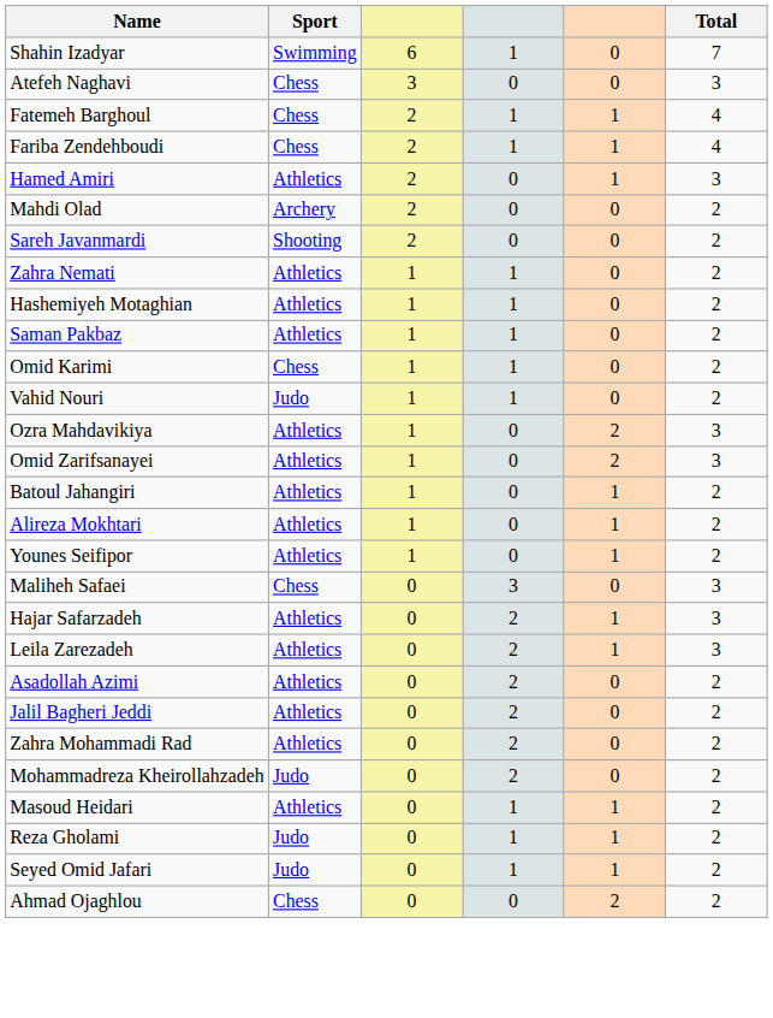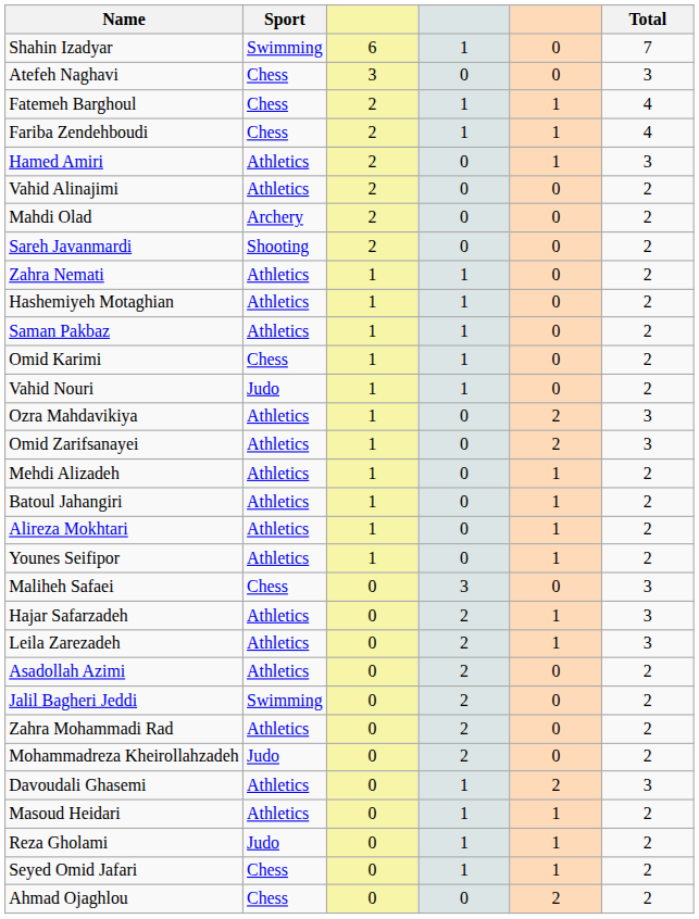 <table class="wikitable" style="text-align:center; font-size:90%">
 <tr>
 <th>Name</th>
 <th>Sport</th>
 <th style="background:#f7f6a8;" width=70></th>
 <th style="background:#dce5e5;" width=70></th>
 <th style="background:#ffdab9;" width=70></th>
 <th width=70>Total</th>
 </tr>
 <tr>
 <td style="text-align:left">Shahin Izadyar</td>
 <td style="text-align:left"><a href='#'>Swimming</a></td>
 <td style="background:#F7F6A8;">6</td>
 <td style="background:#DCE5E5;">1</td>
 <td style="background:#FFDAB9;">0</td>
 <td>7</td>
 </tr>
 <tr>
 <td style="text-align:left">Atefeh Naghavi</td>
 <td style="text-align:left"><a href='#'>Chess</a></td>
 <td style="background:#F7F6A8;">3</td>
 <td style="background:#DCE5E5;">0</td>
 <td style="background:#FFDAB9;">0</td>
 <td>3</td>
 </tr>
 <tr>
 <td style="text-align:left">Fatemeh Barghoul</td>
 <td style="text-align:left"><a href='#'>Chess</a></td>
 <td style="background:#F7F6A8;">2</td>
 <td style="background:#DCE5E5;">1</td>
 <td style="background:#FFDAB9;">1</td>
 <td>4</td>
 </tr>
 <tr>
 <td style="text-align:left">Fariba Zendehboudi</td>
 <td style="text-align:left"><a href='#'>Chess</a></td>
 <td style="background:#F7F6A8;">2</td>
 <td style="background:#DCE5E5;">1</td>
 <td style="background:#FFDAB9;">1</td>
 <td>4</td>
 </tr>
 <tr>
 <td style="text-align:left"><a href='#'>Hamed Amiri</a></td>
 <td style="text-align:left"><a href='#'>Athletics</a></td>
 <td style="background:#F7F6A8;">2</td>
 <td style="background:#DCE5E5;">0</td>
 <td style="background:#FFDAB9;">1</td>
 <td>3</td>
+</tr>
+<tr>
+<td style="text-align:left">Vahid Alinajimi</td>
+<td style="text-align:left"><a href='#'>Athletics</a></td>
+<td style="background:#F7F6A8;">2</td>
+<td style="background:#DCE5E5;">0</td>
+<td style="background:#FFDAB9;">0</td>
+<td>2</td>
 </tr>
 <tr>
 <td style="text-align:left">Mahdi Olad</td>
 <td style="text-align:left"><a href='#'>Archery</a></td>
 <td style="background:#F7F6A8;">2</td>
 <td style="background:#DCE5E5;">0</td>
 <td style="background:#FFDAB9;">0</td>
 <td>2</td>
 </tr>
 <tr>
 <td style="text-align:left"><a href='#'>Sareh Javanmardi</a></td>
 <td style="text-align:left"><a href='#'>Shooting</a></td>
 <td style="background:#F7F6A8;">2</td>
 <td style="background:#DCE5E5;">0</td>
 <td style="background:#FFDAB9;">0</td>
 <td>2</td>
 </tr>
 <tr>
 <td style="text-align:left"><a href='#'>Zahra Nemati</a></td>
 <td style="text-align:left"><a href='#'>Athletics</a></td>
 <td style="background:#F7F6A8;">1</td>
 <td style="background:#DCE5E5;">1</td>
 <td style="background:#FFDAB9;">0</td>
 <td>2</td>
 </tr>
 <tr>
 <td style="text-align:left">Hashemiyeh Motaghian</td>
 <td style="text-align:left"><a href='#'>Athletics</a></td>
 <td style="background:#F7F6A8;">1</td>
 <td style="background:#DCE5E5;">1</td>
 <td style="background:#FFDAB9;">0</td>
 <td>2</td>
 </tr>
 <tr>
 <td style="text-align:left"><a href='#'>Saman Pakbaz</a></td>
 <td style="text-align:left"><a href='#'>Athletics</a></td>
 <td style="background:#F7F6A8;">1</td>
 <td style="background:#DCE5E5;">1</td>
 <td style="background:#FFDAB9;">0</td>
 <td>2</td>
 </tr>
 <tr>
 <td style="text-align:left">Omid Karimi</td>
 <td style="text-align:left"><a href='#'>Chess</a></td>
 <td style="background:#F7F6A8;">1</td>
 <td style="background:#DCE5E5;">1</td>
 <td style="background:#FFDAB9;">0</td>
 <td>2</td>
 </tr>
 <tr>
 <td style="text-align:left">Vahid Nouri</td>
 <td style="text-align:left"><a href='#'>Judo</a></td>
 <td style="background:#F7F6A8;">1</td>
 <td style="background:#DCE5E5;">1</td>
 <td style="background:#FFDAB9;">0</td>
 <td>2</td>
 </tr>
 <tr>
 <td style="text-align:left">Ozra Mahdavikiya</td>
 <td style="text-align:left"><a href='#'>Athletics</a></td>
 <td style="background:#F7F6A8;">1</td>
 <td style="background:#DCE5E5;">0</td>
 <td style="background:#FFDAB9;">2</td>
 <td>3</td>
 </tr>
 <tr>
 <td style="text-align:left">Omid Zarifsanayei</td>
 <td style="text-align:left"><a href='#'>Athletics</a></td>
 <td style="background:#F7F6A8;">1</td>
 <td style="background:#DCE5E5;">0</td>
 <td style="background:#FFDAB9;">2</td>
 <td>3</td>
 </tr>
 <tr>
+<td style="text-align:left">Mehdi Alizadeh</td>
+<td style="text-align:left"><a href='#'>Athletics</a></td>
+<td style="background:#F7F6A8;">1</td>
+<td style="background:#DCE5E5;">0</td>
+<td style="background:#FFDAB9;">1</td>
+<td>2</td>
+</tr>
+<tr>
 <td style="text-align:left">Batoul Jahangiri</td>
 <td style="text-align:left"><a href='#'>Athletics</a></td>
 <td style="background:#F7F6A8;">1</td>
 <td style="background:#DCE5E5;">0</td>
 <td style="background:#FFDAB9;">1</td>
 <td>2</td>
 </tr>
 <tr>
 <td style="text-align:left"><a href='#'>Alireza Mokhtari</a></td>
 <td style="text-align:left"><a href='#'>Athletics</a></td>
 <td style="background:#F7F6A8;">1</td>
 <td style="background:#DCE5E5;">0</td>
 <td style="background:#FFDAB9;">1</td>
 <td>2</td>
 </tr>
 <tr>
 <td style="text-align:left">Younes Seifipor</td>
 <td style="text-align:left"><a href='#'>Athletics</a></td>
 <td style="background:#F7F6A8;">1</td>
 <td style="background:#DCE5E5;">0</td>
 <td style="background:#FFDAB9;">1</td>
 <td>2</td>
 </tr>
 <tr>
 <td style="text-align:left">Maliheh Safaei</td>
 <td style="text-align:left"><a href='#'>Chess</a></td>
 <td style="background:#F7F6A8;">0</td>
 <td style="background:#DCE5E5;">3</td>
 <td style="background:#FFDAB9;">0</td>
 <td>3</td>
 </tr>
 <tr>
 <td style="text-align:left">Hajar Safarzadeh</td>
 <td style="text-align:left"><a href='#'>Athletics</a></td>
 <td style="background:#F7F6A8;">0</td>
 <td style="background:#DCE5E5;">2</td>
 <td style="background:#FFDAB9;">1</td>
 <td>3</td>
 </tr>
 <tr>
 <td style="text-align:left">Leila Zarezadeh</td>
 <td style="text-align:left"><a href='#'>Athletics</a></td>
 <td style="background:#F7F6A8;">0</td>
 <td style="background:#DCE5E5;">2</td>
 <td style="background:#FFDAB9;">1</td>
 <td>3</td>
 </tr>
 <tr>
 <td style="text-align:left"><a href='#'>Asadollah Azimi</a></td>
 <td style="text-align:left"><a href='#'>Athletics</a></td>
 <td style="background:#F7F6A8;">0</td>
 <td style="background:#DCE5E5;">2</td>
 <td style="background:#FFDAB9;">0</td>
 <td>2</td>
 </tr>
 <tr>
 <td style="text-align:left"><a href='#'>Jalil Bagheri Jeddi</a></td>
-<td style="text-align:left"><a href='#'>Athletics</a></td>
+<td style="text-align:left"><a href='#'>Swimming</a></td>
 <td style="background:#F7F6A8;">0</td>
 <td style="background:#DCE5E5;">2</td>
 <td style="background:#FFDAB9;">0</td>
 <td>2</td>
 </tr>
 <tr>
 <td style="text-align:left">Zahra Mohammadi Rad</td>
 <td style="text-align:left"><a href='#'>Athletics</a></td>
 <td style="background:#F7F6A8;">0</td>
 <td style="background:#DCE5E5;">2</td>
 <td style="background:#FFDAB9;">0</td>
 <td>2</td>
 </tr>
 <tr>
 <td style="text-align:left">Mohammadreza Kheirollahzadeh</td>
 <td style="text-align:left"><a href='#'>Judo</a></td>
 <td style="background:#F7F6A8;">0</td>
 <td style="background:#DCE5E5;">2</td>
 <td style="background:#FFDAB9;">0</td>
 <td>2</td>
 </tr>
 <tr>
+<td style="text-align:left">Davoudali Ghasemi</td>
+<td style="text-align:left"><a href='#'>Athletics</a></td>
+<td style="background:#F7F6A8;">0</td>
+<td style="background:#DCE5E5;">1</td>
+<td style="background:#FFDAB9;">2</td>
+<td>3</td>
+</tr>
+<tr>
 <td style="text-align:left">Masoud Heidari</td>
 <td style="text-align:left"><a href='#'>Athletics</a></td>
 <td style="background:#F7F6A8;">0</td>
 <td style="background:#DCE5E5;">1</td>
 <td style="background:#FFDAB9;">1</td>
 <td>2</td>
 </tr>
 <tr>
 <td style="text-align:left">Reza Gholami</td>
 <td style="text-align:left"><a href='#'>Judo</a></td>
 <td style="background:#F7F6A8;">0</td>
 <td style="background:#DCE5E5;">1</td>
 <td style="background:#FFDAB9;">1</td>
 <td>2</td>
 </tr>
 <tr>
 <td style="text-align:left">Seyed Omid Jafari</td>
-<td style="text-align:left"><a href='#'>Judo</a></td>
+<td style="text-align:left"><a href='#'>Chess</a></td>
 <td style="background:#F7F6A8;">0</td>
 <td style="background:#DCE5E5;">1</td>
 <td style="background:#FFDAB9;">1</td>
 <td>2</td>
 </tr>
 <tr>
 <td style="text-align:left">Ahmad Ojaghlou</td>
 <td style="text-align:left"><a href='#'>Chess</a></td>
 <td style="background:#F7F6A8;">0</td>
 <td style="background:#DCE5E5;">0</td>
 <td style="background:#FFDAB9;">2</td>
 <td>2</td>
 </tr>
 </table>
